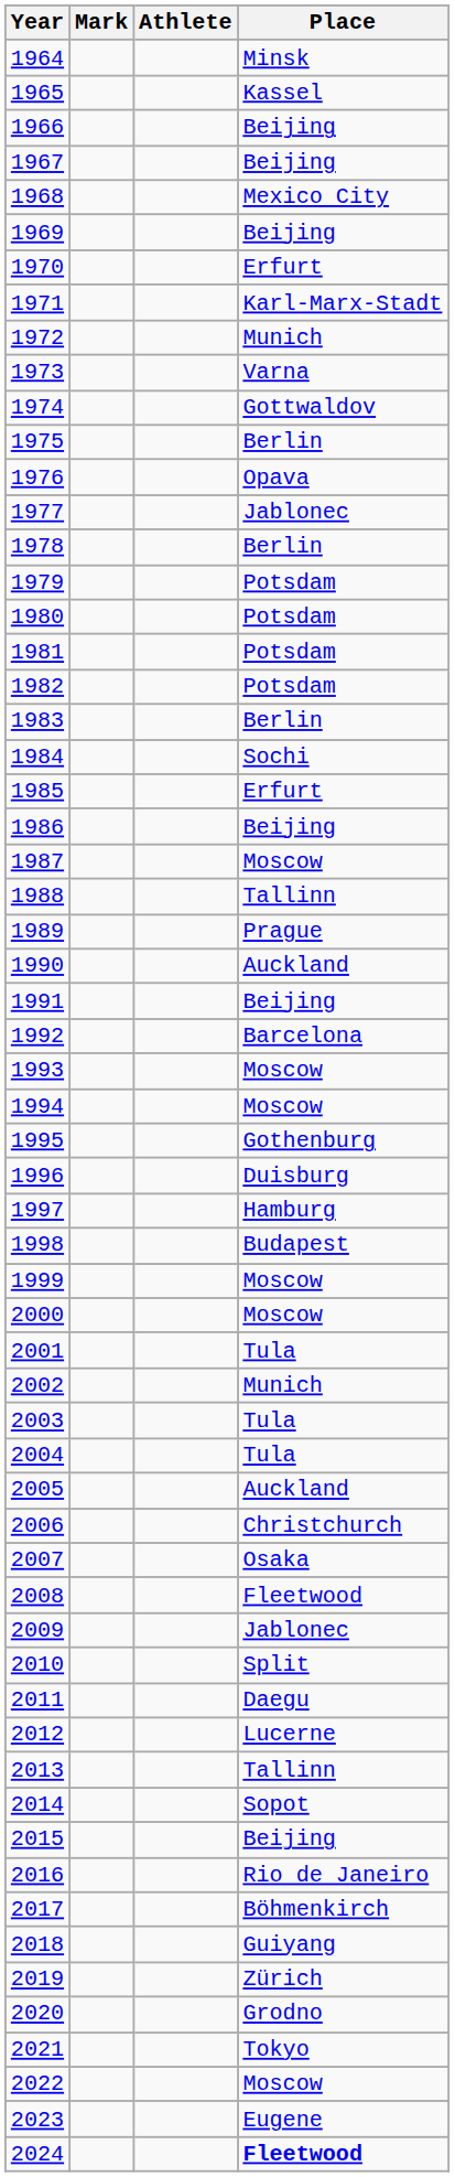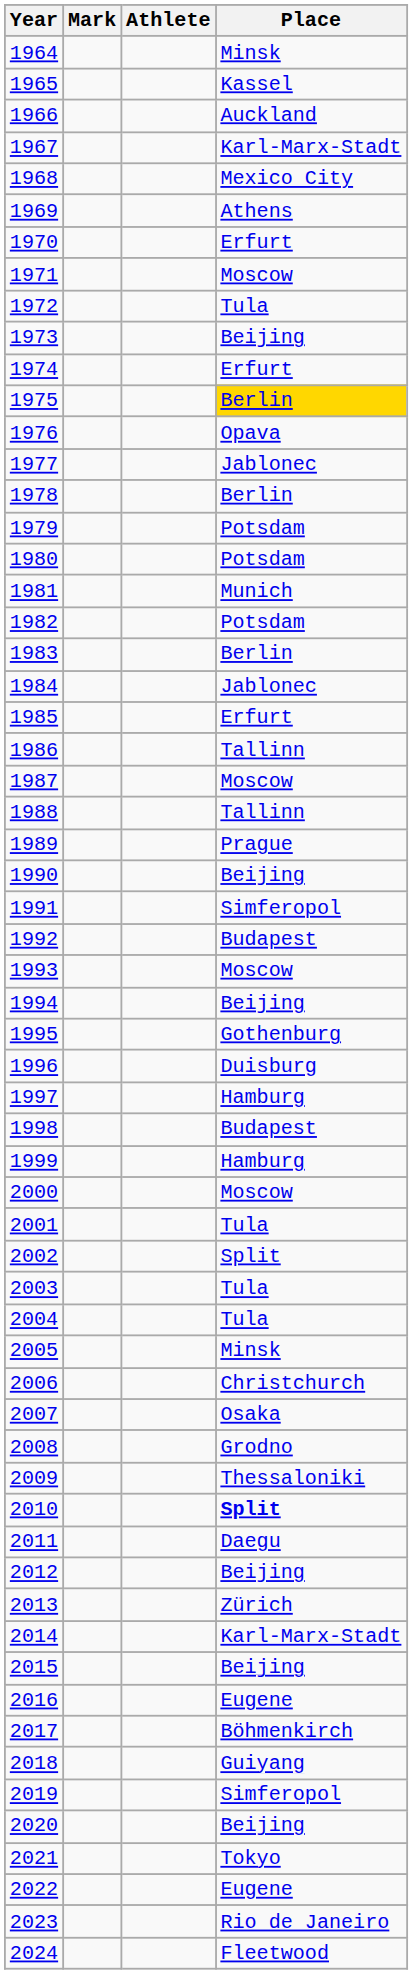 <table class="wikitable sortable" style="font-size:85%; display:inline-table;">
 <tr>
 <th>Year</th>
 <th>Mark</th>
 <th>Athlete</th>
 <th>Place</th>
 </tr>
 <tr>
 <td><a href='#'>1964</a></td>
 <td></td>
 <td align=left></td>
 <td><a href='#'>Minsk</a></td>
 </tr>
 <tr>
 <td><a href='#'>1965</a></td>
 <td></td>
 <td align=left></td>
 <td><a href='#'>Kassel</a></td>
 </tr>
 <tr>
 <td><a href='#'>1966</a></td>
 <td></td>
 <td align=left></td>
-<td><a href='#'>Beijing</a></td>
+<td><a href='#'>Auckland</a></td>
 </tr>
 <tr>
 <td><a href='#'>1967</a></td>
 <td></td>
 <td align=left></td>
-<td><a href='#'>Beijing</a></td>
+<td><a href='#'>Karl-Marx-Stadt</a></td>
 </tr>
 <tr>
 <td><a href='#'>1968</a></td>
 <td> </td>
 <td align=left></td>
 <td><a href='#'>Mexico City</a></td>
 </tr>
 <tr>
 <td><a href='#'>1969</a></td>
 <td></td>
 <td align=left></td>
-<td><a href='#'>Beijing</a></td>
+<td><a href='#'>Athens</a></td>
 </tr>
 <tr>
 <td><a href='#'>1970</a></td>
 <td></td>
 <td align=left></td>
 <td><a href='#'>Erfurt</a></td>
 </tr>
 <tr>
 <td><a href='#'>1971</a></td>
 <td></td>
 <td align=left></td>
-<td><a href='#'>Karl-Marx-Stadt</a></td>
+<td><a href='#'>Moscow</a></td>
 </tr>
 <tr>
 <td><a href='#'>1972</a></td>
 <td></td>
 <td align=left></td>
-<td><a href='#'>Munich</a></td>
+<td><a href='#'>Tula</a></td>
 </tr>
 <tr>
 <td><a href='#'>1973</a></td>
 <td></td>
 <td align=left></td>
-<td><a href='#'>Varna</a></td>
+<td><a href='#'>Beijing</a></td>
 </tr>
 <tr>
 <td><a href='#'>1974</a></td>
 <td></td>
 <td align=left></td>
-<td><a href='#'>Gottwaldov</a></td>
+<td><a href='#'>Erfurt</a></td>
 </tr>
 <tr>
 <td><a href='#'>1975</a></td>
 <td></td>
 <td align=left></td>
-<td><a href='#'>Berlin</a></td>
+<td style="background: gold;"><a href='#'>Berlin</a></td>
 </tr>
 <tr>
 <td><a href='#'>1976</a></td>
 <td></td>
 <td align=left></td>
 <td><a href='#'>Opava</a></td>
 </tr>
 <tr>
 <td><a href='#'>1977</a></td>
 <td> </td>
 <td align=left></td>
 <td><a href='#'>Jablonec</a></td>
 </tr>
 <tr>
 <td><a href='#'>1978</a></td>
 <td></td>
 <td align=left></td>
 <td><a href='#'>Berlin</a></td>
 </tr>
 <tr>
 <td><a href='#'>1979</a></td>
 <td></td>
 <td align=left></td>
 <td><a href='#'>Potsdam</a></td>
 </tr>
 <tr>
 <td><a href='#'>1980</a></td>
 <td></td>
 <td align=left></td>
 <td><a href='#'>Potsdam</a></td>
 </tr>
 <tr>
 <td><a href='#'>1981</a></td>
 <td></td>
 <td align=left></td>
-<td><a href='#'>Potsdam</a></td>
+<td><a href='#'>Munich</a></td>
 </tr>
 <tr>
 <td><a href='#'>1982</a></td>
 <td></td>
 <td align=left></td>
 <td><a href='#'>Potsdam</a></td>
 </tr>
 <tr>
 <td><a href='#'>1983</a></td>
 <td></td>
 <td align=left></td>
 <td><a href='#'>Berlin</a></td>
 </tr>
 <tr>
 <td><a href='#'>1984</a></td>
 <td></td>
 <td align=left></td>
-<td><a href='#'>Sochi</a></td>
+<td><a href='#'>Jablonec</a></td>
 </tr>
 <tr>
 <td><a href='#'>1985</a></td>
 <td></td>
 <td align=left></td>
 <td><a href='#'>Erfurt</a></td>
 </tr>
 <tr>
 <td><a href='#'>1986</a></td>
 <td></td>
 <td align=left></td>
-<td><a href='#'>Beijing</a></td>
+<td><a href='#'>Tallinn</a></td>
 </tr>
 <tr>
 <td><a href='#'>1987</a></td>
 <td></td>
 <td align=left></td>
 <td><a href='#'>Moscow</a></td>
 </tr>
 <tr>
 <td><a href='#'>1988</a></td>
 <td></td>
 <td align=left></td>
 <td><a href='#'>Tallinn</a></td>
 </tr>
 <tr>
 <td><a href='#'>1989</a></td>
 <td></td>
 <td align=left></td>
 <td><a href='#'>Prague</a></td>
 </tr>
 <tr>
 <td><a href='#'>1990</a></td>
 <td></td>
 <td align=left></td>
-<td><a href='#'>Auckland</a></td>
+<td><a href='#'>Beijing</a></td>
 </tr>
 <tr>
 <td><a href='#'>1991</a></td>
 <td> </td>
 <td align=left></td>
-<td><a href='#'>Beijing</a></td>
+<td><a href='#'>Simferopol</a></td>
 </tr>
 <tr>
 <td><a href='#'>1992</a></td>
 <td></td>
 <td align=left></td>
-<td><a href='#'>Barcelona</a></td>
+<td><a href='#'>Budapest</a></td>
 </tr>
 <tr>
 <td><a href='#'>1993</a></td>
 <td></td>
 <td align=left></td>
 <td><a href='#'>Moscow</a></td>
 </tr>
 <tr>
 <td><a href='#'>1994</a></td>
 <td></td>
 <td align=left></td>
-<td><a href='#'>Moscow</a></td>
+<td><a href='#'>Beijing</a></td>
 </tr>
 <tr>
 <td><a href='#'>1995</a></td>
 <td></td>
 <td align=left></td>
 <td><a href='#'>Gothenburg</a></td>
 </tr>
 <tr>
 <td><a href='#'>1996</a></td>
 <td></td>
 <td align=left></td>
 <td><a href='#'>Duisburg</a></td>
 </tr>
 <tr>
 <td><a href='#'>1997</a></td>
 <td></td>
 <td align=left></td>
 <td><a href='#'>Hamburg</a></td>
 </tr>
 <tr>
 <td><a href='#'>1998</a></td>
 <td></td>
 <td align=left></td>
 <td><a href='#'>Budapest</a></td>
 </tr>
 <tr>
 <td><a href='#'>1999</a></td>
 <td> </td>
 <td align=left></td>
-<td><a href='#'>Moscow</a></td>
+<td><a href='#'>Hamburg</a></td>
 </tr>
 <tr>
 <td><a href='#'>2000</a></td>
 <td></td>
 <td align=left></td>
 <td><a href='#'>Moscow</a></td>
 </tr>
 <tr>
 <td><a href='#'>2001</a></td>
 <td></td>
 <td align=left></td>
 <td><a href='#'>Tula</a></td>
 </tr>
 <tr>
 <td><a href='#'>2002</a></td>
 <td></td>
 <td align=left></td>
-<td><a href='#'>Munich</a></td>
+<td><a href='#'>Split</a></td>
 </tr>
 <tr>
 <td><a href='#'>2003</a></td>
 <td></td>
 <td align=left></td>
 <td><a href='#'>Tula</a></td>
 </tr>
 <tr>
 <td><a href='#'>2004</a></td>
 <td></td>
 <td align=left></td>
 <td><a href='#'>Tula</a></td>
 </tr>
 <tr>
 <td><a href='#'>2005</a></td>
 <td></td>
 <td align=left></td>
-<td><a href='#'>Auckland</a></td>
+<td><a href='#'>Minsk</a></td>
 </tr>
 <tr>
 <td><a href='#'>2006</a></td>
 <td></td>
 <td align=left></td>
 <td><a href='#'>Christchurch</a></td>
 </tr>
 <tr>
 <td><a href='#'>2007</a></td>
 <td></td>
 <td align=left></td>
 <td><a href='#'>Osaka</a></td>
 </tr>
 <tr>
 <td><a href='#'>2008</a></td>
 <td></td>
 <td align=left></td>
-<td><a href='#'>Fleetwood</a></td>
+<td><a href='#'>Grodno</a></td>
 </tr>
 <tr>
 <td><a href='#'>2009</a></td>
 <td></td>
 <td align=left></td>
-<td><a href='#'>Jablonec</a></td>
+<td><a href='#'>Thessaloniki</a></td>
 </tr>
 <tr>
 <td><a href='#'>2010</a></td>
 <td></td>
 <td align=left></td>
-<td><a href='#'>Split</a></td>
+<td><strong><a href='#'>Split</a></strong></td>
 </tr>
 <tr>
 <td><a href='#'>2011</a></td>
 <td></td>
 <td align=left></td>
 <td><a href='#'>Daegu</a></td>
 </tr>
 <tr>
 <td><a href='#'>2012</a></td>
 <td></td>
 <td align=left></td>
-<td><a href='#'>Lucerne</a></td>
+<td><a href='#'>Beijing</a></td>
 </tr>
 <tr>
 <td><a href='#'>2013</a></td>
 <td> </td>
 <td align=left></td>
-<td><a href='#'>Tallinn</a></td>
+<td><a href='#'>Zürich</a></td>
 </tr>
 <tr>
 <td><a href='#'>2014</a></td>
 <td> </td>
 <td align=left></td>
-<td><a href='#'>Sopot</a></td>
+<td><a href='#'>Karl-Marx-Stadt</a></td>
 </tr>
 <tr>
 <td><a href='#'>2015</a></td>
 <td></td>
 <td align=left></td>
 <td><a href='#'>Beijing</a></td>
 </tr>
 <tr>
 <td><a href='#'>2016</a></td>
 <td></td>
 <td align=left></td>
-<td><a href='#'>Rio de Janeiro</a></td>
+<td><a href='#'>Eugene</a></td>
 </tr>
 <tr>
 <td><a href='#'>2017</a></td>
 <td></td>
 <td align=left></td>
 <td><a href='#'>Böhmenkirch</a></td>
 </tr>
 <tr>
 <td><a href='#'>2018</a></td>
 <td> </td>
 <td align=left></td>
 <td><a href='#'>Guiyang</a></td>
 </tr>
 <tr>
 <td><a href='#'>2019</a></td>
 <td></td>
 <td align=left></td>
-<td><a href='#'>Zürich</a></td>
+<td><a href='#'>Simferopol</a></td>
 </tr>
 <tr>
 <td><a href='#'>2020</a></td>
 <td> </td>
 <td align=left></td>
-<td><a href='#'>Grodno</a></td>
+<td><a href='#'>Beijing</a></td>
 </tr>
 <tr>
 <td><a href='#'>2021</a></td>
 <td></td>
 <td align=left></td>
 <td><a href='#'>Tokyo</a></td>
 </tr>
 <tr>
 <td><a href='#'>2022</a></td>
 <td></td>
 <td align=left></td>
-<td><a href='#'>Moscow</a></td>
+<td><a href='#'>Eugene</a></td>
 </tr>
 <tr>
 <td><a href='#'>2023</a></td>
 <td></td>
 <td></td>
-<td><a href='#'>Eugene</a></td>
+<td><a href='#'>Rio de Janeiro</a></td>
 </tr>
 <tr>
 <td><a href='#'>2024</a></td>
 <td> </td>
 <td></td>
-<td><strong><a href='#'>Fleetwood</a></strong></td>
+<td><a href='#'>Fleetwood</a></td>
 </tr>
 </table>
